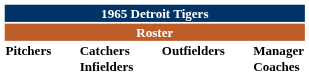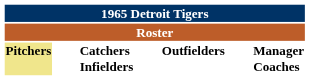 <table class="toccolours" style="font-size: 95%;">
 <tr>
 <th colspan="10" style="background-color: #003366; color: white; text-align: center;">1965 Detroit Tigers</th>
 </tr>
 <tr>
 <td colspan="10" style="background-color: #bd5d29; color: white; text-align: center;"><strong>Roster</strong></td>
 </tr>
 <tr>
-<td valign="top"><strong>Pitchers</strong><br>                 </td>
+<td valign="top" style="background: khaki;"><strong>Pitchers</strong><br>                 </td>
 <td width="25px"></td>
 <td valign="top"><strong>Catchers</strong><br>   <strong>Infielders</strong>        </td>
 <td width="25px"></td>
 <td valign="top"><strong>Outfielders</strong><br>       </td>
 <td width="25px"></td>
 <td valign="top"><strong>Manager</strong><br>  <strong>Coaches</strong>     </td>
 </tr>
 </table>
